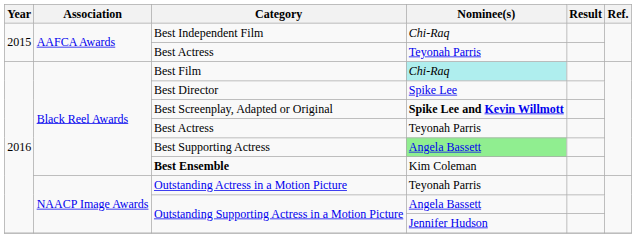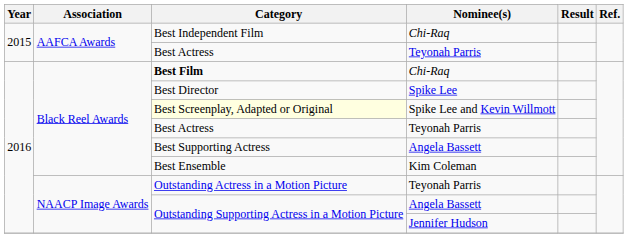 <table class="wikitable sortable">
 <tr>
 <th>Year</th>
 <th>Association</th>
 <th>Category</th>
 <th>Nominee(s)</th>
 <th>Result</th>
 <th>Ref.</th>
 </tr>
 <tr>
 <td rowspan="2">2015</td>
 <td rowspan="2"><a href='#'>AAFCA Awards</a></td>
 <td>Best Independent Film</td>
 <td><em>Chi-Raq</em></td>
 <td></td>
 <td rowspan="2"></td>
 </tr>
 <tr>
 <td>Best Actress</td>
 <td><a href='#'>Teyonah Parris</a></td>
 <td></td>
 </tr>
 <tr>
 <td rowspan="9">2016</td>
 <td rowspan="6"><a href='#'>Black Reel Awards</a></td>
-<td>Best Film</td>
-<td style="background: paleturquoise;"><em>Chi-Raq</em></td>
+<td><strong>Best Film</strong></td>
+<td><em>Chi-Raq</em></td>
 <td></td>
 <td rowspan="6"></td>
 </tr>
 <tr>
 <td>Best Director</td>
 <td><a href='#'>Spike Lee</a></td>
 <td></td>
 </tr>
 <tr>
-<td>Best Screenplay, Adapted or Original</td>
-<td><strong>Spike Lee and <a href='#'>Kevin Willmott</a></strong></td>
+<td style="background: lightyellow;">Best Screenplay, Adapted or Original</td>
+<td>Spike Lee and <a href='#'>Kevin Willmott</a></td>
 <td></td>
 </tr>
 <tr>
 <td>Best Actress</td>
 <td>Teyonah Parris</td>
 <td></td>
 </tr>
 <tr>
 <td>Best Supporting Actress</td>
-<td style="background: lightgreen;"><a href='#'>Angela Bassett</a></td>
+<td><a href='#'>Angela Bassett</a></td>
 <td></td>
 </tr>
 <tr>
-<td><strong>Best Ensemble</strong></td>
+<td>Best Ensemble</td>
 <td>Kim Coleman</td>
 <td></td>
 </tr>
 <tr>
 <td rowspan="3"><a href='#'>NAACP Image Awards</a></td>
 <td><a href='#'>Outstanding Actress in a Motion Picture</a></td>
 <td>Teyonah Parris</td>
 <td></td>
 <td rowspan="3"></td>
 </tr>
 <tr>
 <td rowspan="2"><a href='#'>Outstanding Supporting Actress in a Motion Picture</a></td>
 <td><a href='#'>Angela Bassett</a></td>
 <td></td>
 </tr>
 <tr>
 <td><a href='#'>Jennifer Hudson</a></td>
 <td></td>
 </tr>
 <tr>
 </tr>
 </table>
